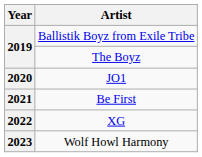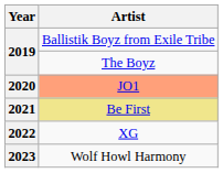 <table class="wikitable mw-collapsible mw-collapsed" style="font-size:small; text-align:center">
 <tr>
 <th>Year</th>
 <th>Artist</th>
 </tr>
 <tr>
 <th rowspan="2">2019</th>
 <td><a href='#'>Ballistik Boyz from Exile Tribe</a></td>
 </tr>
 <tr>
 <td><a href='#'>The Boyz</a></td>
 </tr>
 <tr>
 <th>2020</th>
-<td><a href='#'>JO1</a></td>
+<td style="background: lightsalmon;"><a href='#'>JO1</a></td>
 </tr>
 <tr>
 <th>2021</th>
-<td><a href='#'>Be First</a></td>
+<td style="background: khaki;"><a href='#'>Be First</a></td>
 </tr>
 <tr>
 <th>2022</th>
 <td><a href='#'>XG</a></td>
 </tr>
 <tr>
 <th>2023</th>
 <td>Wolf Howl Harmony</td>
 </tr>
 </table>
